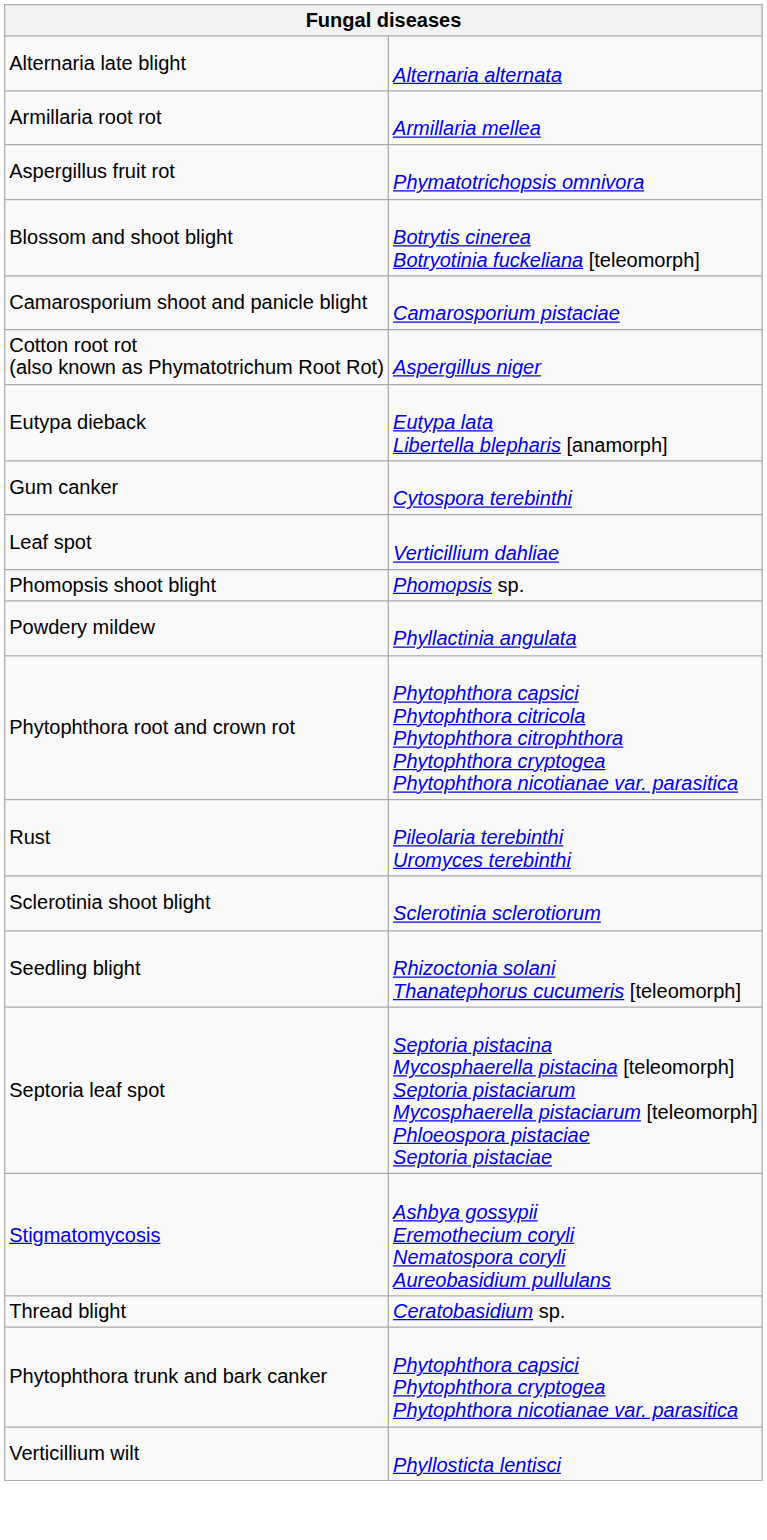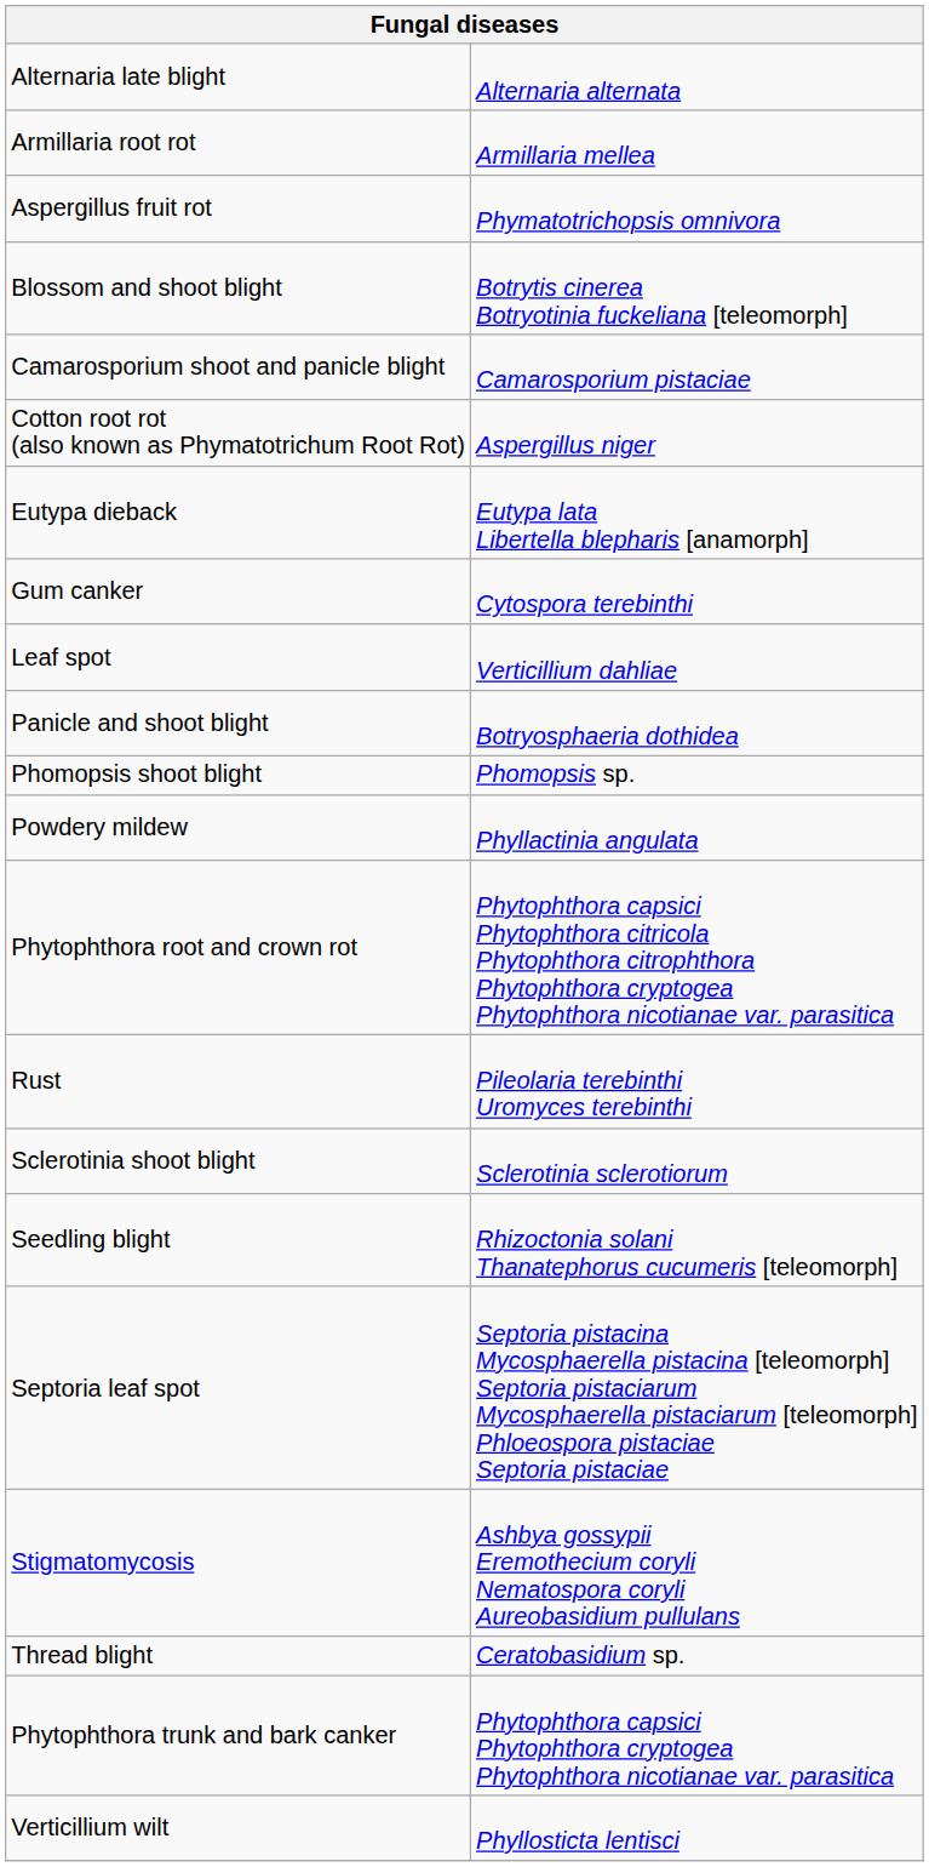 <table class="wikitable" style="clear">
 <tr>
 <th colspan=2><strong>Fungal diseases</strong></th>
 </tr>
 <tr>
 <td>Alternaria late blight</td>
 <td><br><em><a href='#'>Alternaria alternata</a></em></td>
 </tr>
 <tr>
 <td>Armillaria root rot</td>
 <td><br><em><a href='#'>Armillaria mellea</a></em></td>
 </tr>
 <tr>
 <td>Aspergillus fruit rot</td>
 <td><br><em><a href='#'>Phymatotrichopsis omnivora</a></em></td>
 </tr>
 <tr>
 <td>Blossom and shoot blight</td>
 <td><br><em><a href='#'>Botrytis cinerea</a></em><br> <em><a href='#'>Botryotinia fuckeliana</a></em> [teleomorph]</td>
 </tr>
 <tr>
 <td>Camarosporium shoot and panicle blight</td>
 <td><br><em><a href='#'>Camarosporium pistaciae</a></em></td>
 </tr>
 <tr>
 <td>Cotton root rot<br>(also known as Phymatotrichum Root Rot)</td>
 <td><br><em><a href='#'>Aspergillus niger</a></em></td>
 </tr>
 <tr>
 <td>Eutypa dieback</td>
 <td><br><em><a href='#'>Eutypa lata</a></em><br> <em><a href='#'>Libertella blepharis</a></em> [anamorph]</td>
 </tr>
 <tr>
 <td>Gum canker</td>
 <td><br><em><a href='#'>Cytospora terebinthi</a></em></td>
 </tr>
 <tr>
 <td>Leaf spot</td>
 <td><br><em><a href='#'>Verticillium dahliae</a></em></td>
+</tr>
+<tr>
+<td>Panicle and shoot blight</td>
+<td><br><em><a href='#'>Botryosphaeria dothidea</a></em></td>
 </tr>
 <tr>
 <td>Phomopsis shoot blight</td>
 <td><em><a href='#'>Phomopsis</a></em> sp.</td>
 </tr>
 <tr>
 <td>Powdery mildew</td>
 <td><br><em><a href='#'>Phyllactinia angulata</a></em></td>
 </tr>
 <tr>
 <td>Phytophthora root and crown rot</td>
 <td><br><em><a href='#'>Phytophthora capsici</a></em><br> <em><a href='#'>Phytophthora citricola</a></em><br> <em><a href='#'>Phytophthora citrophthora</a></em><br> <em><a href='#'>Phytophthora cryptogea</a></em><br> <em><a href='#'>Phytophthora nicotianae var. parasitica</a></em></td>
 </tr>
 <tr>
 <td>Rust</td>
 <td><br><em><a href='#'>Pileolaria terebinthi</a></em> <br>  <em><a href='#'>Uromyces terebinthi</a></em></td>
 </tr>
 <tr>
 <td>Sclerotinia shoot blight</td>
 <td><br><em><a href='#'>Sclerotinia sclerotiorum</a></em></td>
 </tr>
 <tr>
 <td>Seedling blight</td>
 <td><br><em><a href='#'>Rhizoctonia solani</a></em><br> <em><a href='#'>Thanatephorus cucumeris</a></em> [teleomorph]</td>
 </tr>
 <tr>
 <td>Septoria leaf spot</td>
 <td><br><em><a href='#'>Septoria pistacina</a></em><br> <em><a href='#'>Mycosphaerella pistacina</a></em> [teleomorph] <br> <em><a href='#'>Septoria pistaciarum</a></em><br> <em><a href='#'>Mycosphaerella pistaciarum</a></em> [teleomorph]<br> <em><a href='#'>Phloeospora pistaciae</a></em> <br>  <em><a href='#'>Septoria pistaciae</a></em></td>
 </tr>
 <tr>
 <td><a href='#'>Stigmatomycosis</a></td>
 <td><br><em><a href='#'>Ashbya gossypii</a></em><br> <em><a href='#'>Eremothecium coryli</a></em> <br>  <em><a href='#'>Nematospora coryli</a></em><br> <em><a href='#'>Aureobasidium pullulans</a></em></td>
 </tr>
 <tr>
 <td>Thread blight</td>
 <td><em><a href='#'>Ceratobasidium</a></em> sp.</td>
 </tr>
 <tr>
 <td>Phytophthora trunk and bark canker</td>
 <td><br><em><a href='#'>Phytophthora capsici</a></em><br> <em><a href='#'>Phytophthora cryptogea</a></em><br> <em><a href='#'>Phytophthora nicotianae var. parasitica</a></em></td>
 </tr>
 <tr>
 <td>Verticillium wilt</td>
 <td><br><em><a href='#'>Phyllosticta lentisci</a></em></td>
 </tr>
 <tr>
 </tr>
 </table>
